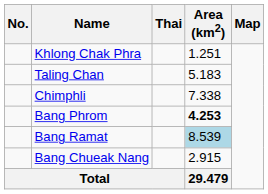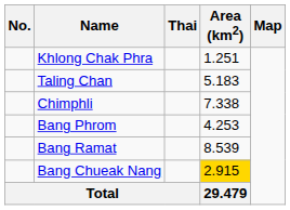 <table class="wikitable sortable">
 <tr>
 <th>No.</th>
 <th>Name</th>
 <th>Thai</th>
 <th>Area<br>(km<sup>2</sup>)</th>
 <th>Map</th>
 </tr>
 <tr>
 <td></td>
 <td><a href='#'>Khlong Chak Phra</a></td>
 <td></td>
 <td><div>1.251</div></td>
 <td rowspan=7></td>
 </tr>
 <tr>
 <td></td>
 <td><a href='#'>Taling Chan</a></td>
 <td></td>
 <td><div>5.183</div></td>
 </tr>
 <tr>
 <td></td>
 <td><a href='#'>Chimphli</a></td>
 <td></td>
 <td><div>7.338</div></td>
 </tr>
 <tr>
 <td></td>
 <td><a href='#'>Bang Phrom</a></td>
 <td></td>
-<td><strong><div>4.253</div></strong></td>
+<td><div>4.253</div></td>
 </tr>
 <tr>
 <td></td>
 <td><a href='#'>Bang Ramat</a></td>
 <td></td>
-<td style="background: lightblue;"><div>8.539</div></td>
+<td><div>8.539</div></td>
 </tr>
 <tr>
 <td></td>
 <td><a href='#'>Bang Chueak Nang</a></td>
 <td></td>
-<td><div>2.915</div></td>
+<td style="background: gold;"><div>2.915</div></td>
 </tr>
 <tr>
 <th colspan=3>Total</th>
 <th><div>29.479</div></th>
 </tr>
 </table>
